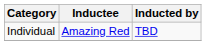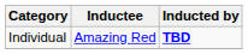 <table class="wikitable">
 <tr>
 <th>Category</th>
 <th>Inductee</th>
 <th>Inducted by</th>
 </tr>
 <tr>
 <td>Individual</td>
 <td><a href='#'>Amazing Red</a></td>
-<td><a href='#'>TBD</a></td>
+<td><strong><a href='#'>TBD</a></strong></td>
 </tr>
 <tr>
 </tr>
 </table>
